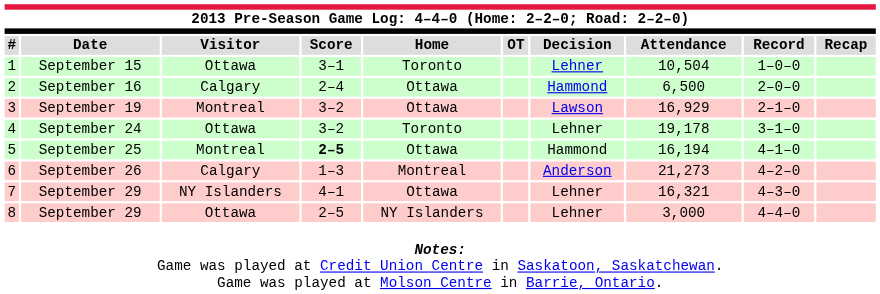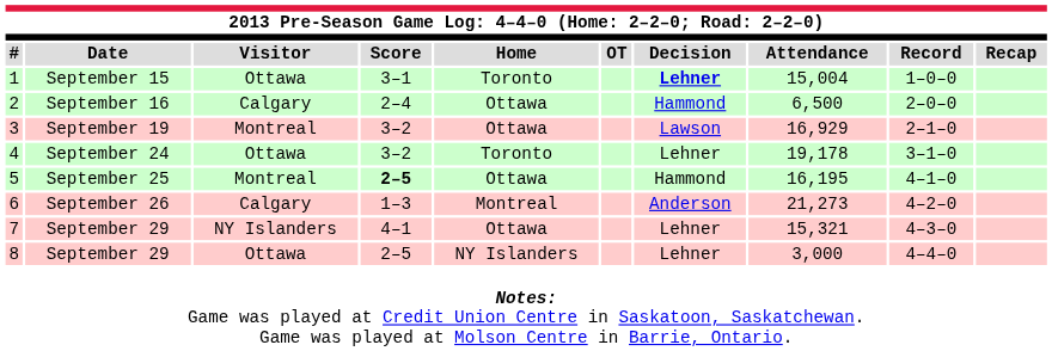 <table class="toccolours collapsible collapsed"  style="width:90%; clear:both; margin:1.5em auto; text-align:center;">
 <tr>
 <th colspan=10 style="background:#fff; border-top:#e4173e 5px solid; border-bottom:#000 5px solid;">2013 Pre-Season Game Log: 4–4–0 (Home: 2–2–0; Road: 2–2–0)</th>
 </tr>
 <tr style="text-align:center; background:#ddd;">
 <th>#</th>
 <th>Date</th>
 <th>Visitor</th>
 <th>Score</th>
 <th>Home</th>
 <th>OT</th>
 <th>Decision</th>
 <th>Attendance</th>
 <th>Record</th>
 <th>Recap</th>
 </tr>
 <tr style="text-align:center; background:#cfc;">
 <td>1</td>
 <td>September 15</td>
 <td>Ottawa</td>
 <td>3–1</td>
 <td>Toronto</td>
 <td></td>
-<td><a href='#'>Lehner</a></td>
-<td>10,504</td>
+<td><strong><a href='#'>Lehner</a></strong></td>
+<td>15,004</td>
 <td>1–0–0</td>
 <td></td>
 </tr>
 <tr style="text-align:center; background:#cfc">
 <td>2</td>
 <td>September 16</td>
 <td>Calgary</td>
 <td>2–4</td>
 <td>Ottawa</td>
 <td></td>
 <td><a href='#'>Hammond</a></td>
 <td>6,500</td>
 <td>2–0–0</td>
 <td></td>
 </tr>
 <tr style="text-align:center; background:#fcc">
 <td>3</td>
 <td>September 19</td>
 <td>Montreal</td>
 <td>3–2</td>
 <td>Ottawa</td>
 <td></td>
 <td><a href='#'>Lawson</a></td>
 <td>16,929</td>
 <td>2–1–0</td>
 <td></td>
 </tr>
 <tr style="text-align:center; background:#cfc">
 <td>4</td>
 <td>September 24</td>
 <td>Ottawa</td>
 <td>3–2</td>
 <td>Toronto</td>
 <td></td>
 <td>Lehner</td>
 <td>19,178</td>
 <td>3–1–0</td>
 <td></td>
 </tr>
 <tr style="text-align:center; background:#cfc;">
 <td>5</td>
 <td>September 25</td>
 <td>Montreal</td>
 <td><strong>2–5</strong></td>
 <td>Ottawa</td>
 <td></td>
 <td>Hammond</td>
-<td>16,194</td>
+<td>16,195</td>
 <td>4–1–0</td>
 <td></td>
 </tr>
 <tr style="text-align:center; background:#fcc;">
 <td>6</td>
 <td>September 26</td>
 <td>Calgary</td>
 <td>1–3</td>
 <td>Montreal</td>
 <td></td>
 <td><a href='#'>Anderson</a></td>
 <td>21,273</td>
 <td>4–2–0</td>
 <td></td>
 </tr>
 <tr style="text-align:center; background:#fcc;">
 <td>7</td>
 <td>September 29</td>
 <td>NY Islanders</td>
 <td>4–1</td>
 <td>Ottawa</td>
 <td></td>
 <td>Lehner</td>
-<td>16,321</td>
+<td>15,321</td>
 <td>4–3–0</td>
 <td></td>
 </tr>
 <tr style="text-align:center; background:#fcc;">
 <td>8</td>
 <td>September 29</td>
 <td>Ottawa</td>
 <td>2–5</td>
 <td>NY Islanders</td>
 <td></td>
 <td>Lehner</td>
 <td>3,000</td>
 <td>4–4–0</td>
 <td></td>
 </tr>
 <tr>
 <td colspan="10" style="text-align:center;"><br><strong><em>Notes:</em></strong><br> Game was played at <a href='#'>Credit Union Centre</a> in <a href='#'>Saskatoon, Saskatchewan</a>.<br> Game was played at <a href='#'>Molson Centre</a> in <a href='#'>Barrie, Ontario</a>.</td>
 </tr>
 </table>
